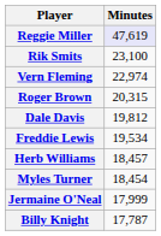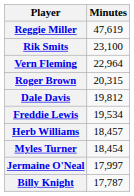 <table class="wikitable sortable plainrowheaders" style="text-align:center">
 <tr>
 <th scope="col" style="text-align:center; ">Player</th>
 <th scope="col" style="text-align:center; ">Minutes</th>
 </tr>
 <tr>
 <th scope="row"><a href='#'>Reggie Miller</a></th>
-<td style="background: lavender;">47,619</td>
+<td>47,619</td>
 </tr>
 <tr>
 <th scope="row"><a href='#'>Rik Smits</a></th>
 <td>23,100</td>
 </tr>
 <tr>
 <th scope="row"><a href='#'>Vern Fleming</a></th>
-<td>22,974</td>
+<td>22,964</td>
 </tr>
 <tr>
 <th scope="row"><a href='#'>Roger Brown</a></th>
 <td>20,315</td>
 </tr>
 <tr>
 <th scope="row"><a href='#'>Dale Davis</a></th>
 <td>19,812</td>
 </tr>
 <tr>
 <th scope="row"><a href='#'>Freddie Lewis</a></th>
 <td>19,534</td>
 </tr>
 <tr>
 <th scope="row"><a href='#'>Herb Williams</a></th>
 <td>18,457</td>
 </tr>
 <tr>
 <th scope="row"><strong><a href='#'>Myles Turner</a></strong></th>
 <td>18,454</td>
 </tr>
 <tr>
 <th scope="row"><a href='#'>Jermaine O'Neal</a></th>
-<td>17,999</td>
+<td>17,997</td>
 </tr>
 <tr>
 <th scope="row"><a href='#'>Billy Knight</a></th>
 <td>17,787</td>
 </tr>
 </table>
